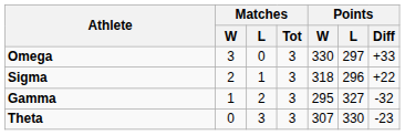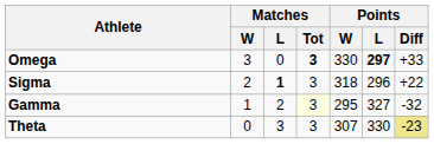 <table class="wikitable" style="text-align:center">
 <tr>
 <th rowspan="2" width="250">Athlete</th>
 <th colspan="3" width="90">Matches</th>
 <th colspan="3" width="90">Points</th>
 </tr>
 <tr>
 <th width="30">W</th>
 <th width="30">L</th>
 <th width="30">Tot</th>
 <th width="30">W</th>
 <th width="30">L</th>
 <th width="30">Diff</th>
 </tr>
 <tr>
 <td align="left"><strong>Omega</strong></td>
 <td>3</td>
 <td>0</td>
-<td>3</td>
+<td><strong>3</strong></td>
 <td>330</td>
-<td>297</td>
+<td><strong>297</strong></td>
 <td>+33</td>
 </tr>
 <tr>
 <td align="left"><strong>Sigma</strong></td>
 <td>2</td>
-<td>1</td>
+<td><strong>1</strong></td>
 <td>3</td>
 <td>318</td>
 <td>296</td>
 <td>+22</td>
 </tr>
 <tr>
 <td align="left"><strong>Gamma</strong></td>
 <td>1</td>
 <td>2</td>
-<td>3</td>
+<td style="background: lightyellow;">3</td>
 <td>295</td>
 <td>327</td>
 <td>-32</td>
 </tr>
 <tr>
 <td align="left"><strong>Theta</strong></td>
 <td>0</td>
 <td>3</td>
 <td>3</td>
 <td>307</td>
 <td>330</td>
-<td>-23</td>
+<td style="background: khaki;">-23</td>
 </tr>
 </table>
